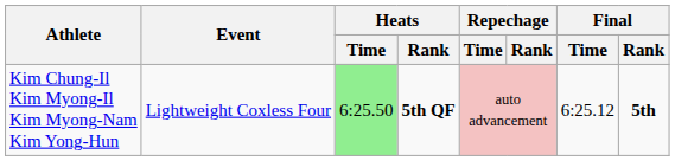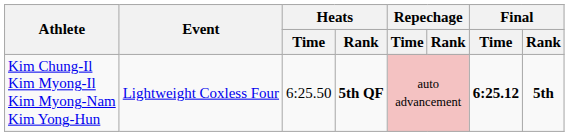 <table class=wikitable style="font-size:90%">
 <tr>
 <th rowspan=2>Athlete</th>
 <th rowspan=2>Event</th>
 <th colspan=2>Heats</th>
 <th colspan=2>Repechage</th>
 <th colspan=2>Final</th>
 </tr>
 <tr>
 <th>Time</th>
 <th>Rank</th>
 <th>Time</th>
 <th>Rank</th>
 <th>Time</th>
 <th>Rank</th>
 </tr>
 <tr>
 <td><a href='#'>Kim Chung-Il</a><br><a href='#'>Kim Myong-Il</a><br><a href='#'>Kim Myong-Nam</a><br><a href='#'>Kim Yong-Hun</a></td>
 <td><a href='#'>Lightweight Coxless Four</a></td>
-<td align=center style="background: lightgreen;">6:25.50</td>
+<td align=center>6:25.50</td>
 <td align=center><strong>5th QF</strong></td>
 <td colspan="2" style="text-align:center; background:#f4c2c2;"><small>auto<br>advancement</small></td>
-<td align=center>6:25.12</td>
+<td align=center><strong>6:25.12</strong></td>
 <td align=center><strong>5th</strong></td>
 </tr>
 </table>
